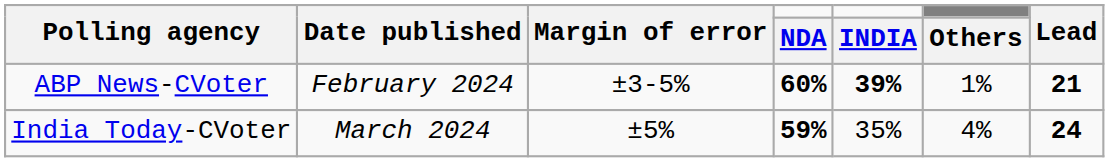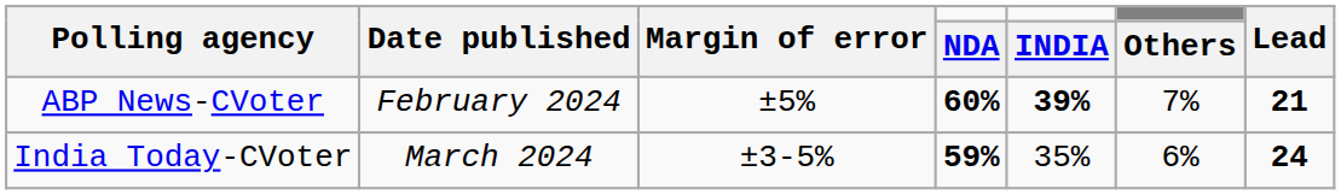 <table class="wikitable sortable" style="text-align:center;font-size:95%;line-height:16px">
 <tr>
 <th rowspan="2">Polling agency</th>
 <th rowspan="2">Date published</th>
 <th rowspan="2">Margin of error</th>
 <td></td>
 <td></td>
 <td bgcolor="grey"></td>
 <th rowspan="2">Lead</th>
 </tr>
 <tr>
 <th><a href='#'>NDA</a></th>
 <th><a href='#'>INDIA</a></th>
 <th>Others</th>
 </tr>
 <tr>
 <td><a href='#'>ABP News</a>-<a href='#'>CVoter</a></td>
 <td><em>February 2024</em></td>
-<td>±3-5%</td>
+<td>±5%</td>
 <td bgcolor=><strong>60%</strong></td>
 <td><strong>39%</strong></td>
-<td>1%</td>
+<td>7%</td>
 <td bgcolor=><strong>21</strong></td>
 </tr>
 <tr>
 <td><a href='#'>India Today</a>-CVoter</td>
 <td><em>March 2024</em></td>
-<td>±5%</td>
+<td>±3-5%</td>
 <td><strong>59%</strong></td>
 <td>35%</td>
-<td>4%</td>
+<td>6%</td>
 <td><strong>24</strong></td>
 </tr>
 </table>
